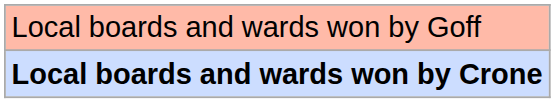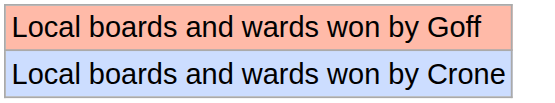 <table class="wikitable">
 <tr bgcolor="#FFBAA8">
 <td>Local boards and wards won by Goff</td>
 </tr>
 <tr bgcolor="#CCDDFF">
-<td><strong>Local boards and wards won by Crone</strong></td>
+<td>Local boards and wards won by Crone</td>
 </tr>
 </table>
